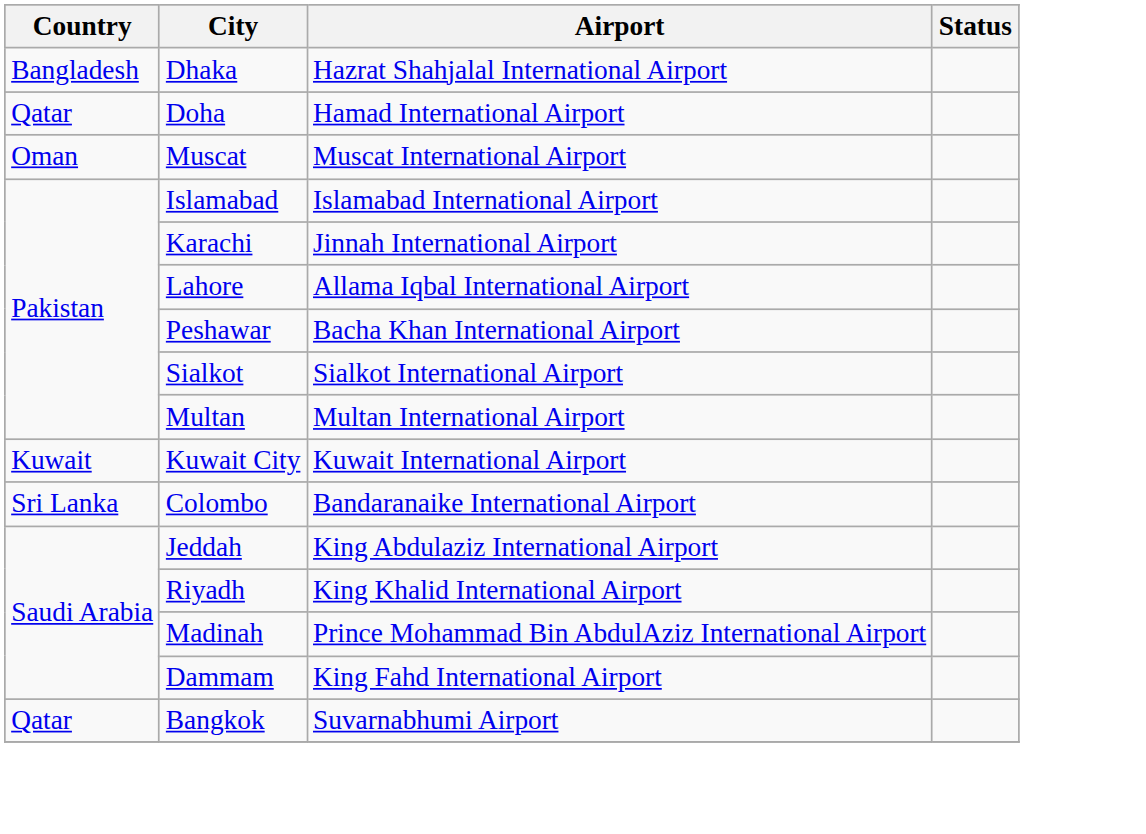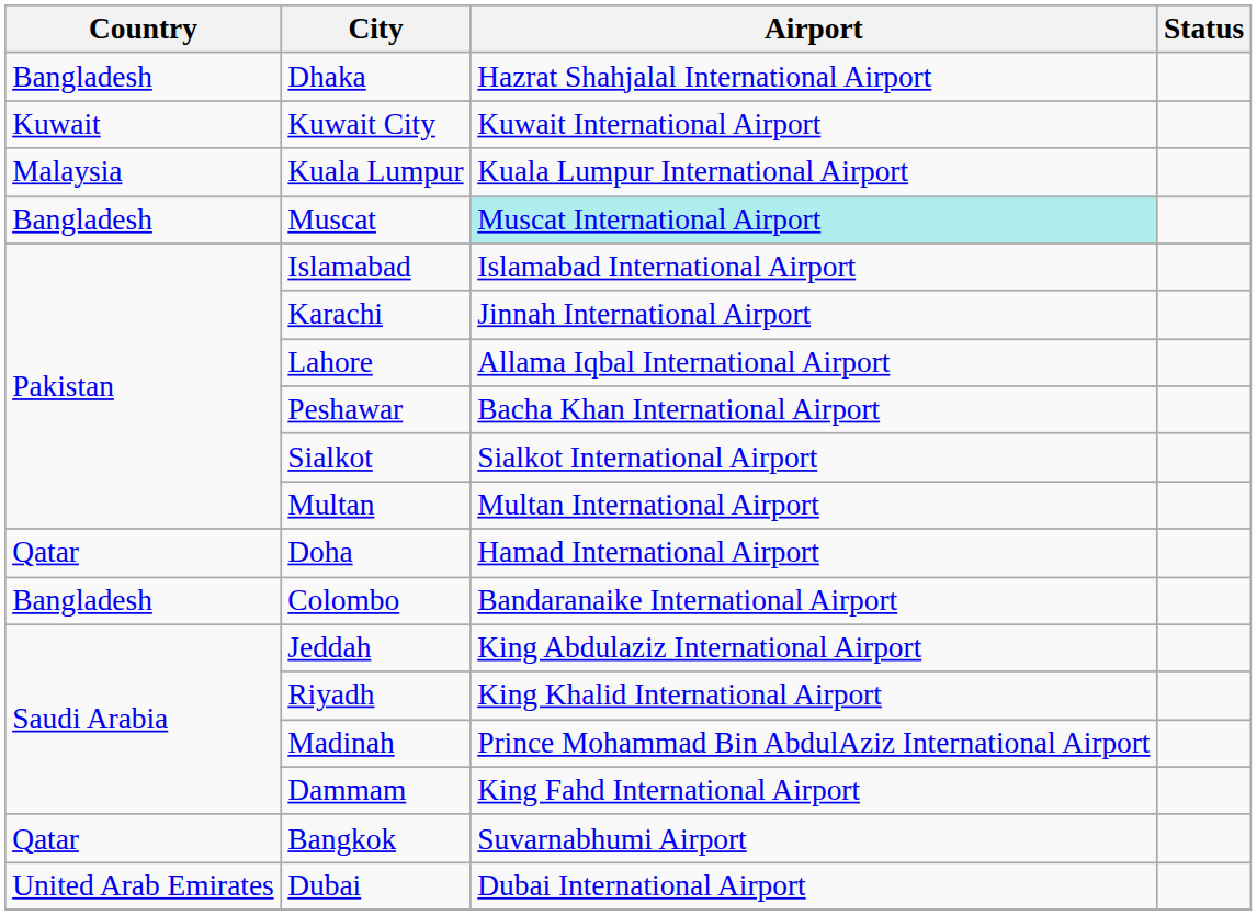 <table class="wikitable sortable">
 <tr>
 <th>Country</th>
 <th>City</th>
 <th>Airport</th>
 <th>Status</th>
 </tr>
 <tr>
 <td><a href='#'>Bangladesh</a></td>
 <td><a href='#'>Dhaka</a></td>
 <td><a href='#'>Hazrat Shahjalal International Airport</a></td>
 <td></td>
 </tr>
 <tr>
-<td><a href='#'>Qatar</a></td>
-<td><a href='#'>Doha</a></td>
-<td><a href='#'>Hamad International Airport</a></td>
+<td><a href='#'>Kuwait</a></td>
+<td><a href='#'>Kuwait City</a></td>
+<td><a href='#'>Kuwait International Airport</a></td>
 <td></td>
 </tr>
 <tr>
-<td><a href='#'>Oman</a></td>
+<td><a href='#'>Malaysia</a></td>
+<td><a href='#'>Kuala Lumpur</a></td>
+<td><a href='#'>Kuala Lumpur International Airport</a></td>
+<td></td>
+</tr>
+<tr>
+<td><a href='#'>Bangladesh</a></td>
 <td><a href='#'>Muscat</a></td>
-<td><a href='#'>Muscat International Airport</a></td>
+<td style="background: paleturquoise;"><a href='#'>Muscat International Airport</a></td>
 <td></td>
 </tr>
 <tr>
 <td rowspan="6"><a href='#'>Pakistan</a></td>
 <td><a href='#'>Islamabad</a></td>
 <td><a href='#'>Islamabad International Airport</a></td>
 <td></td>
 </tr>
 <tr>
 <td><a href='#'>Karachi</a></td>
 <td><a href='#'>Jinnah International Airport</a></td>
 <td></td>
 </tr>
 <tr>
 <td><a href='#'>Lahore</a></td>
 <td><a href='#'>Allama Iqbal International Airport</a></td>
 <td></td>
 </tr>
 <tr>
 <td><a href='#'>Peshawar</a></td>
 <td><a href='#'>Bacha Khan International Airport</a></td>
 <td></td>
 </tr>
 <tr>
 <td><a href='#'>Sialkot</a></td>
 <td><a href='#'>Sialkot International Airport</a></td>
 <td></td>
 </tr>
 <tr>
 <td><a href='#'>Multan</a></td>
 <td><a href='#'>Multan International Airport</a></td>
 <td></td>
 </tr>
 <tr>
-<td><a href='#'>Kuwait</a></td>
-<td><a href='#'>Kuwait City</a></td>
-<td><a href='#'>Kuwait International Airport</a></td>
+<td><a href='#'>Qatar</a></td>
+<td><a href='#'>Doha</a></td>
+<td><a href='#'>Hamad International Airport</a></td>
 <td></td>
 </tr>
 <tr>
-<td><a href='#'>Sri Lanka</a></td>
+<td><a href='#'>Bangladesh</a></td>
 <td><a href='#'>Colombo</a></td>
 <td><a href='#'>Bandaranaike International Airport</a></td>
 <td></td>
 </tr>
 <tr>
 <td rowspan="4”"><a href='#'>Saudi Arabia</a></td>
 <td><a href='#'>Jeddah</a></td>
 <td><a href='#'>King Abdulaziz International Airport</a></td>
 <td></td>
 </tr>
 <tr>
 <td><a href='#'>Riyadh</a></td>
 <td><a href='#'>King Khalid International Airport</a></td>
 <td></td>
 </tr>
 <tr>
 <td><a href='#'>Madinah</a></td>
 <td><a href='#'>Prince Mohammad Bin AbdulAziz International Airport</a></td>
 <td></td>
 </tr>
 <tr>
 <td><a href='#'>Dammam</a></td>
 <td><a href='#'>King Fahd International Airport</a></td>
 <td></td>
 </tr>
 <tr>
 <td><a href='#'>Qatar</a></td>
 <td><a href='#'>Bangkok</a></td>
 <td><a href='#'>Suvarnabhumi Airport</a></td>
 <td></td>
 </tr>
 <tr>
+<td><a href='#'>United Arab Emirates</a></td>
+<td><a href='#'>Dubai</a></td>
+<td><a href='#'>Dubai International Airport</a></td>
+<td></td>
+</tr>
+<tr>
 </tr>
 </table>
